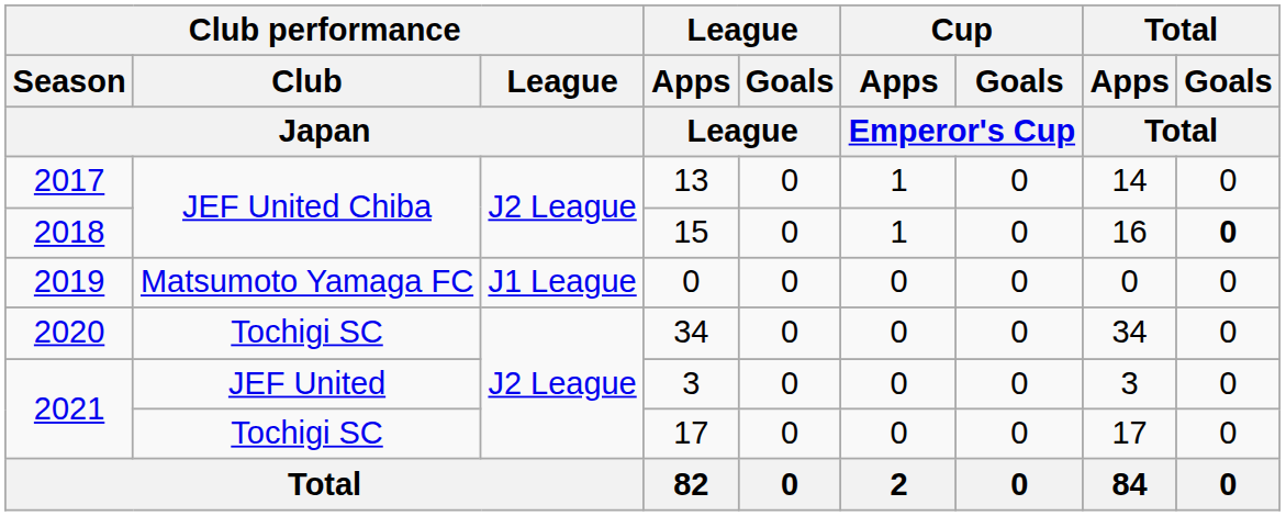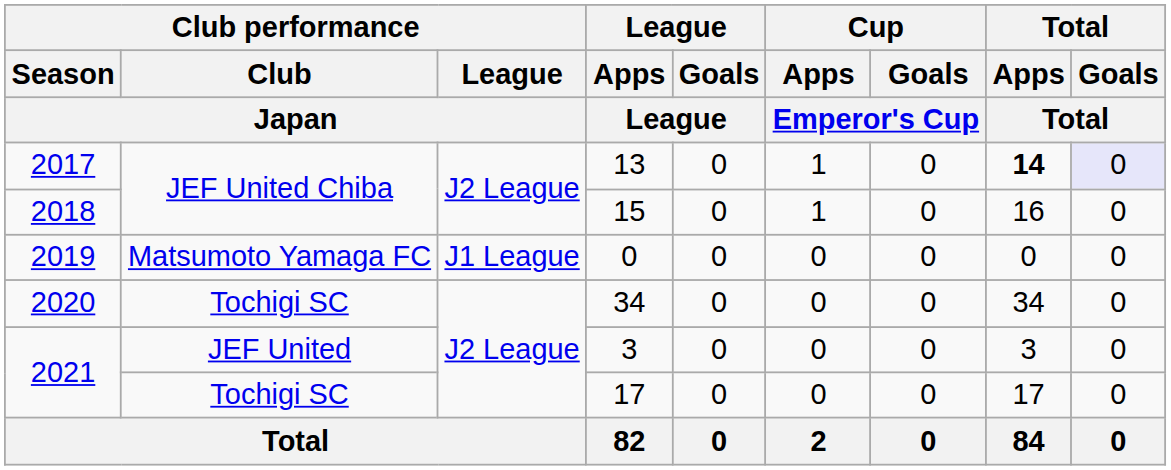 <table class="wikitable" style="text-align:center;">
 <tr>
 <th colspan=3>Club performance</th>
 <th colspan=2>League</th>
 <th colspan=2>Cup</th>
 <th colspan=2>Total</th>
 </tr>
 <tr>
 <th>Season</th>
 <th>Club</th>
 <th>League</th>
 <th>Apps</th>
 <th>Goals</th>
 <th>Apps</th>
 <th>Goals</th>
 <th>Apps</th>
 <th>Goals</th>
 </tr>
 <tr>
 <th colspan=3>Japan</th>
 <th colspan=2>League</th>
 <th colspan=2><a href='#'>Emperor's Cup</a></th>
 <th colspan=2>Total</th>
 </tr>
 <tr>
 <td><a href='#'>2017</a></td>
 <td rowspan="2"><a href='#'>JEF United Chiba</a></td>
 <td rowspan="2"><a href='#'>J2 League</a></td>
 <td>13</td>
 <td>0</td>
 <td>1</td>
 <td>0</td>
-<td>14</td>
-<td>0</td>
+<td><strong>14</strong></td>
+<td style="background: lavender;">0</td>
 </tr>
 <tr>
 <td><a href='#'>2018</a></td>
 <td>15</td>
 <td>0</td>
 <td>1</td>
 <td>0</td>
 <td>16</td>
-<td><strong>0</strong></td>
+<td>0</td>
 </tr>
 <tr>
 <td><a href='#'>2019</a></td>
 <td rowspan="1"><a href='#'>Matsumoto Yamaga FC</a></td>
 <td rowspan="1"><a href='#'>J1 League</a></td>
 <td>0</td>
 <td>0</td>
 <td>0</td>
 <td>0</td>
 <td>0</td>
 <td>0</td>
 </tr>
 <tr>
 <td><a href='#'>2020</a></td>
 <td rowspan="1"><a href='#'>Tochigi SC</a></td>
 <td rowspan="3"><a href='#'>J2 League</a></td>
 <td>34</td>
 <td>0</td>
 <td>0</td>
 <td>0</td>
 <td>34</td>
 <td>0</td>
 </tr>
 <tr>
 <td rowspan="2"><a href='#'>2021</a></td>
 <td rowspan="1"><a href='#'>JEF United</a></td>
 <td>3</td>
 <td>0</td>
 <td>0</td>
 <td>0</td>
 <td>3</td>
 <td>0</td>
 </tr>
 <tr>
 <td><a href='#'>Tochigi SC</a></td>
 <td>17</td>
 <td>0</td>
 <td>0</td>
 <td>0</td>
 <td>17</td>
 <td>0</td>
 </tr>
 <tr>
 <th colspan=3>Total</th>
 <th>82</th>
 <th>0</th>
 <th>2</th>
 <th>0</th>
 <th>84</th>
 <th>0</th>
 </tr>
 </table>
